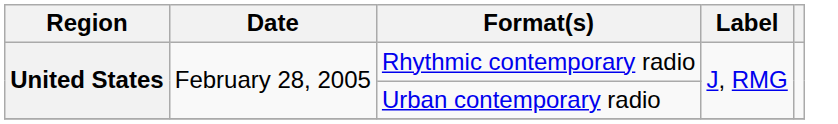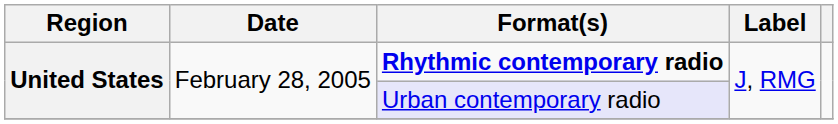 <table class="wikitable plainrowheaders">
 <tr>
 <th scope="col">Region</th>
 <th scope="col">Date</th>
 <th scope="col">Format(s)</th>
 <th scope="col">Label</th>
 <th scope="col"></th>
 </tr>
 <tr>
 <th scope="row" rowspan="2">United States</th>
 <td rowspan="2">February 28, 2005</td>
-<td><a href='#'>Rhythmic contemporary</a> radio</td>
+<td><strong><a href='#'>Rhythmic contemporary</a> radio</strong></td>
 <td rowspan="2"><a href='#'>J</a>, <a href='#'>RMG</a></td>
 <td rowspan="2"></td>
 </tr>
 <tr>
-<td><a href='#'>Urban contemporary</a> radio</td>
+<td style="background: lavender;"><a href='#'>Urban contemporary</a> radio</td>
 </tr>
 <tr>
 </tr>
 </table>
